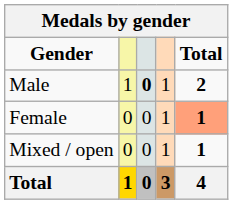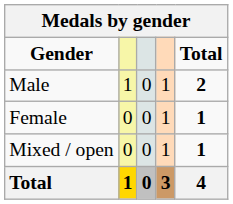 <table class="wikitable" style="text-align:center;font-size:90%">
 <tr style="background:#efefef;">
 <th colspan=7><strong>Medals by gender</strong></th>
 </tr>
 <tr>
 <td><strong>Gender</strong></td>
 <td bgcolor=#f7f6a8></td>
 <td bgcolor=#dce5e5></td>
 <td bgcolor=#ffdab9></td>
 <td><strong>Total</strong></td>
 </tr>
 <tr>
 <td style="text-align:left;">Male</td>
 <td style="background:#F7F6A8;">1</td>
-<td style="background:#DCE5E5;"><strong>0</strong></td>
+<td style="background:#DCE5E5;">0</td>
 <td style="background:#FFDAB9;">1</td>
 <td><strong>2</strong></td>
 </tr>
 <tr>
 <td style="text-align:left;">Female</td>
 <td style="background:#F7F6A8;">0</td>
 <td style="background:#DCE5E5;">0</td>
 <td style="background:#FFDAB9;">1</td>
-<td style="background: lightsalmon;"><strong>1</strong></td>
+<td><strong>1</strong></td>
 </tr>
 <tr>
 <td style="text-align:left;">Mixed / open</td>
 <td style="background:#F7F6A8;">0</td>
 <td style="background:#DCE5E5;">0</td>
 <td style="background:#FFDAB9;">1</td>
 <td><strong>1</strong></td>
 </tr>
 <tr>
 <th style="text-align:left;"><strong>Total</strong></th>
 <th style="background:gold;"><strong>1</strong></th>
 <th style="background:silver;"><strong>0</strong></th>
 <th style="background:#c96;"><strong>3</strong></th>
 <th><strong>4</strong></th>
 </tr>
 </table>
